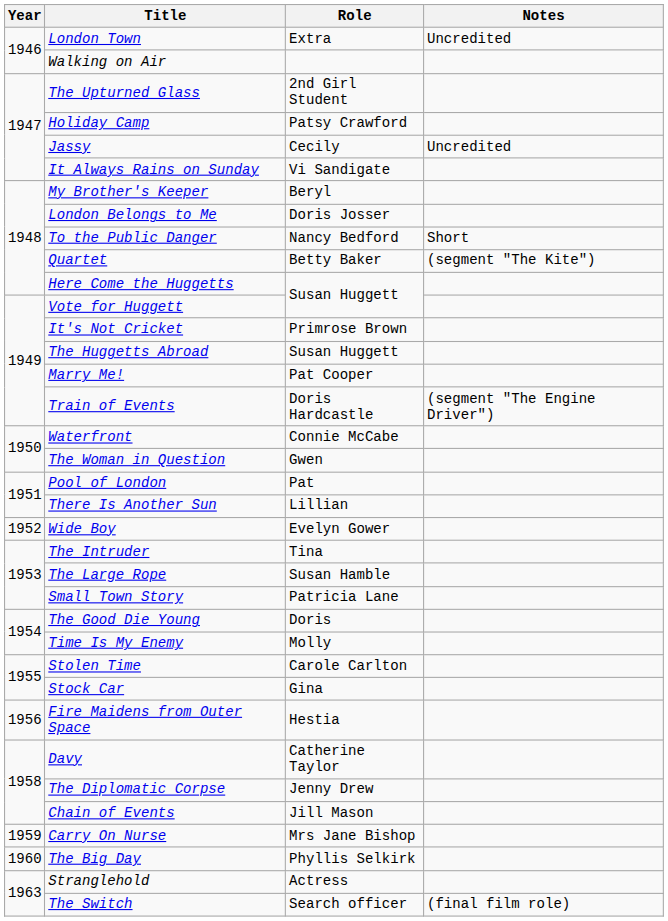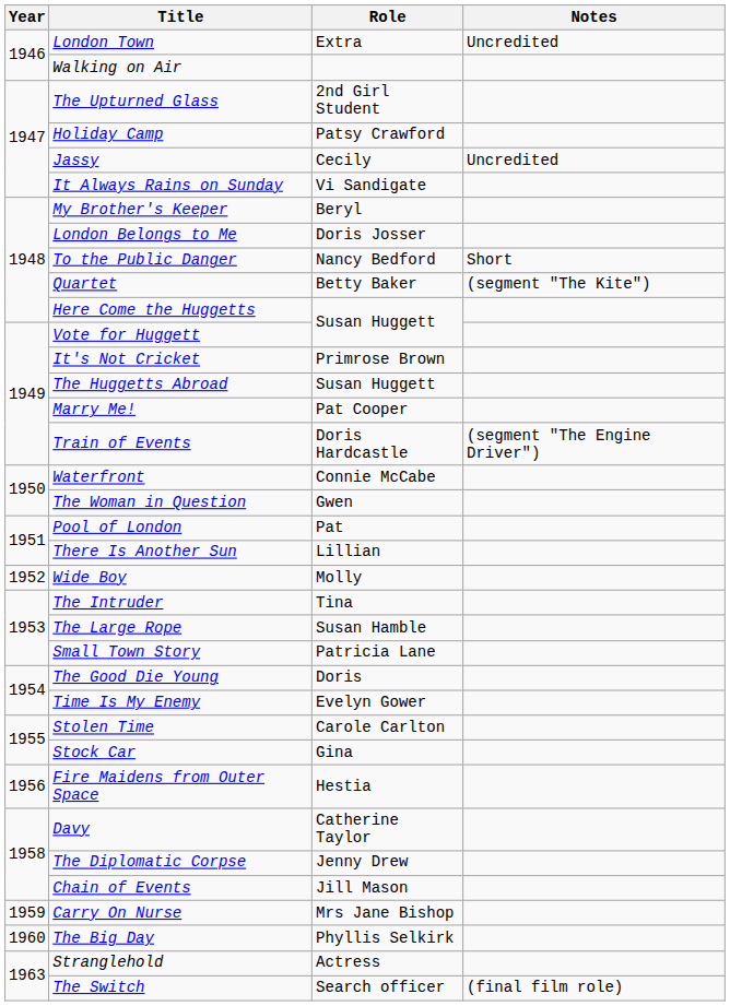 <table class="wikitable sortable">
 <tr>
 <th>Year</th>
 <th>Title</th>
 <th>Role</th>
 <th class = "unsortable">Notes</th>
 </tr>
 <tr>
 <td rowspan=2>1946</td>
 <td><em><a href='#'>London Town</a></em></td>
 <td>Extra</td>
 <td>Uncredited</td>
 </tr>
 <tr>
 <td><em>Walking on Air</em></td>
 <td></td>
 <td></td>
 </tr>
 <tr>
 <td rowspan=4>1947</td>
 <td><em><a href='#'>The Upturned Glass</a></em></td>
 <td>2nd Girl Student</td>
 <td></td>
 </tr>
 <tr>
 <td><em><a href='#'>Holiday Camp</a></em></td>
 <td>Patsy Crawford</td>
 <td></td>
 </tr>
 <tr>
 <td><em><a href='#'>Jassy</a></em></td>
 <td>Cecily</td>
 <td>Uncredited</td>
 </tr>
 <tr>
 <td><em><a href='#'>It Always Rains on Sunday</a></em></td>
 <td>Vi Sandigate</td>
 <td></td>
 </tr>
 <tr>
 <td rowspan=5>1948</td>
 <td><em><a href='#'>My Brother's Keeper</a></em></td>
 <td>Beryl</td>
 <td></td>
 </tr>
 <tr>
 <td><em><a href='#'>London Belongs to Me</a></em></td>
 <td>Doris Josser</td>
 <td></td>
 </tr>
 <tr>
 <td><em><a href='#'>To the Public Danger</a></em></td>
 <td>Nancy Bedford</td>
 <td>Short</td>
 </tr>
 <tr>
 <td><em><a href='#'>Quartet</a></em></td>
 <td>Betty Baker</td>
 <td>(segment "The Kite")</td>
 </tr>
 <tr>
 <td><em><a href='#'>Here Come the Huggetts</a></em></td>
 <td rowspan=2>Susan Huggett</td>
 <td></td>
 </tr>
 <tr>
 <td rowspan=5>1949</td>
 <td><em><a href='#'>Vote for Huggett</a></em></td>
 <td></td>
 </tr>
 <tr>
 <td><em><a href='#'>It's Not Cricket</a></em></td>
 <td>Primrose Brown</td>
 <td></td>
 </tr>
 <tr>
 <td><em><a href='#'>The Huggetts Abroad</a></em></td>
 <td>Susan Huggett</td>
 <td></td>
 </tr>
 <tr>
 <td><em><a href='#'>Marry Me!</a></em></td>
 <td>Pat Cooper</td>
 <td></td>
 </tr>
 <tr>
 <td><em><a href='#'>Train of Events</a></em></td>
 <td>Doris Hardcastle</td>
 <td>(segment "The Engine Driver")</td>
 </tr>
 <tr>
 <td rowspan=2>1950</td>
 <td><em><a href='#'>Waterfront</a></em></td>
 <td>Connie McCabe</td>
 <td></td>
 </tr>
 <tr>
 <td><em><a href='#'>The Woman in Question</a></em></td>
 <td>Gwen</td>
 <td></td>
 </tr>
 <tr>
 <td rowspan=2>1951</td>
 <td><em><a href='#'>Pool of London</a></em></td>
 <td>Pat</td>
 <td></td>
 </tr>
 <tr>
 <td><em><a href='#'>There Is Another Sun</a></em></td>
 <td>Lillian</td>
 <td></td>
 </tr>
 <tr>
 <td>1952</td>
 <td><em><a href='#'>Wide Boy</a></em></td>
-<td>Evelyn Gower</td>
+<td>Molly</td>
 <td></td>
 </tr>
 <tr>
 <td rowspan=3>1953</td>
 <td><em><a href='#'>The Intruder</a></em></td>
 <td>Tina</td>
 <td></td>
 </tr>
 <tr>
 <td><em><a href='#'>The Large Rope</a></em></td>
 <td>Susan Hamble</td>
 <td></td>
 </tr>
 <tr>
 <td><em><a href='#'>Small Town Story</a></em></td>
 <td>Patricia Lane</td>
 <td></td>
 </tr>
 <tr>
 <td rowspan=2>1954</td>
 <td><em><a href='#'>The Good Die Young</a></em></td>
 <td>Doris</td>
 <td></td>
 </tr>
 <tr>
 <td><em><a href='#'>Time Is My Enemy</a></em></td>
-<td>Molly</td>
+<td>Evelyn Gower</td>
 <td></td>
 </tr>
 <tr>
 <td rowspan=2>1955</td>
 <td><em><a href='#'>Stolen Time</a></em></td>
 <td>Carole Carlton</td>
 <td></td>
 </tr>
 <tr>
 <td><em><a href='#'>Stock Car</a></em></td>
 <td>Gina</td>
 <td></td>
 </tr>
 <tr>
 <td>1956</td>
 <td><em><a href='#'>Fire Maidens from Outer Space</a></em></td>
 <td>Hestia</td>
 <td></td>
 </tr>
 <tr>
 <td rowspan=3>1958</td>
 <td><em><a href='#'>Davy</a></em></td>
 <td>Catherine Taylor</td>
 <td></td>
 </tr>
 <tr>
 <td><em><a href='#'>The Diplomatic Corpse</a></em></td>
 <td>Jenny Drew</td>
 <td></td>
 </tr>
 <tr>
 <td><em><a href='#'>Chain of Events</a></em></td>
 <td>Jill Mason</td>
 <td></td>
 </tr>
 <tr>
 <td>1959</td>
 <td><em><a href='#'>Carry On Nurse</a></em></td>
 <td>Mrs Jane Bishop</td>
 <td></td>
 </tr>
 <tr>
 <td>1960</td>
 <td><em><a href='#'>The Big Day</a></em></td>
 <td>Phyllis Selkirk</td>
 <td></td>
 </tr>
 <tr>
 <td rowspan=2>1963</td>
 <td><em>Stranglehold</em></td>
 <td>Actress</td>
 <td></td>
 </tr>
 <tr>
 <td><em><a href='#'>The Switch</a></em></td>
 <td>Search officer</td>
 <td>(final film role)</td>
 </tr>
 </table>
